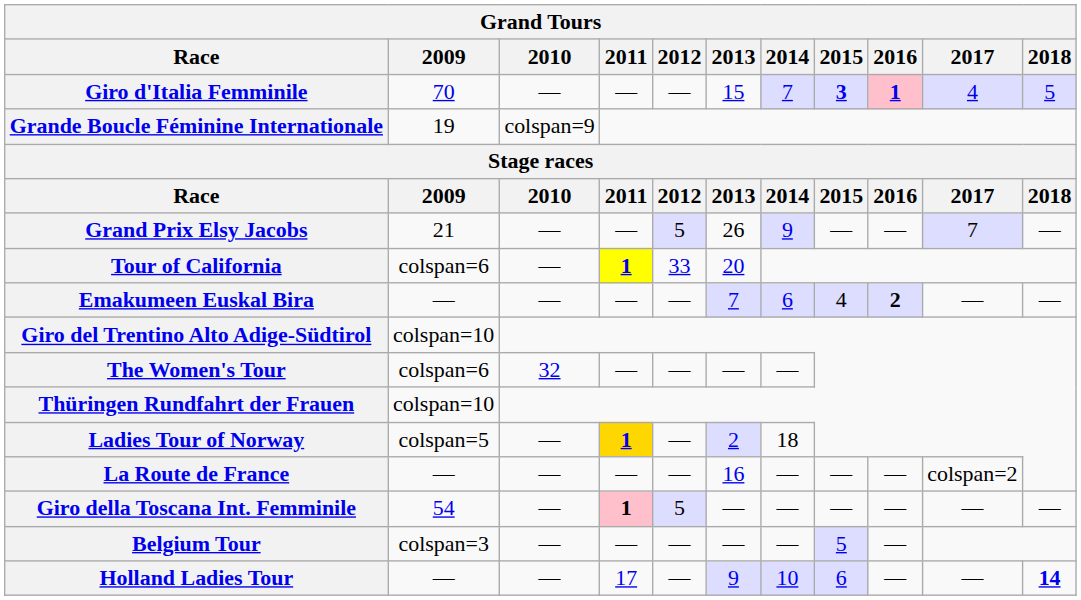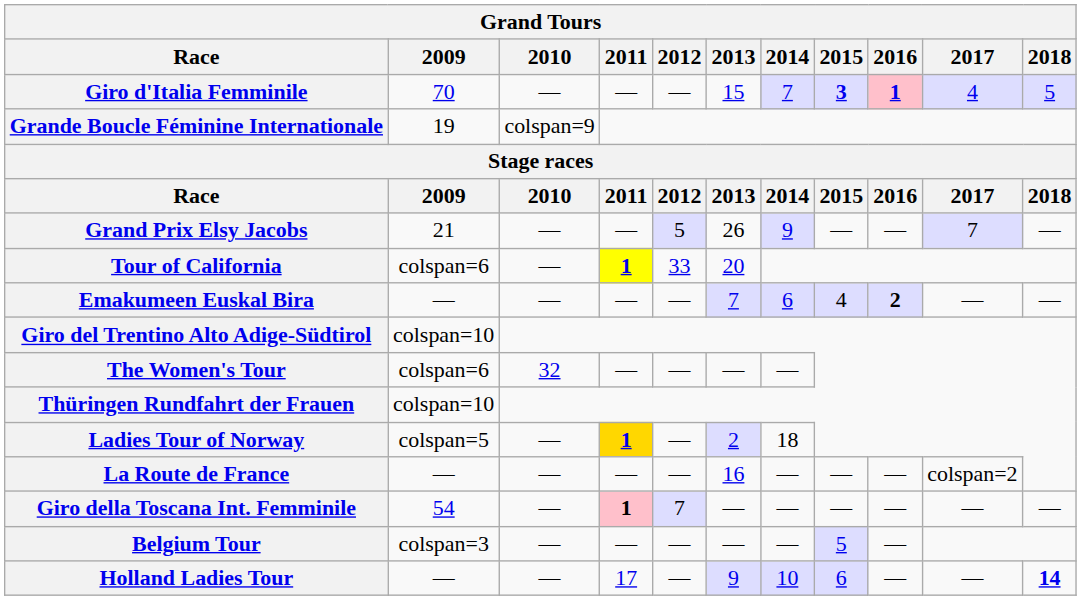 <table class="wikitable plainrowheaders">
 <tr>
 <th colspan=11>Grand Tours</th>
 </tr>
 <tr>
 <th scope="col">Race</th>
 <th scope="col">2009</th>
 <th scope="col">2010</th>
 <th scope="col">2011</th>
 <th scope="col">2012</th>
 <th scope="col">2013</th>
 <th scope="col">2014</th>
 <th scope="col">2015</th>
 <th scope="col">2016</th>
 <th scope="col">2017</th>
 <th scope="col">2018</th>
 </tr>
 <tr style="text-align:center;">
 <th scope="row"><a href='#'>Giro d'Italia Femminile</a></th>
 <td><a href='#'>70</a></td>
 <td>—</td>
 <td>—</td>
 <td>—</td>
 <td><a href='#'>15</a></td>
 <td style="background:#ddf;"><a href='#'>7</a></td>
 <td style="background:#ddf;"><strong><a href='#'>3</a></strong></td>
 <td style="background:pink;"><strong><a href='#'>1</a></strong></td>
 <td style="background:#ddf;"><a href='#'>4</a></td>
 <td style="background:#ddf;"><a href='#'>5</a></td>
 </tr>
 <tr style="text-align:center;">
 <th scope="row"><a href='#'>Grande Boucle Féminine Internationale</a></th>
 <td>19</td>
 <td>colspan=9 </td>
 </tr>
 <tr>
 <th colspan=11>Stage races</th>
 </tr>
 <tr>
 <th scope="col">Race</th>
 <th scope="col">2009</th>
 <th scope="col">2010</th>
 <th scope="col">2011</th>
 <th scope="col">2012</th>
 <th scope="col">2013</th>
 <th scope="col">2014</th>
 <th scope="col">2015</th>
 <th scope="col">2016</th>
 <th scope="col">2017</th>
 <th scope="col">2018</th>
 </tr>
 <tr style="text-align:center;">
 <th scope="row"><a href='#'>Grand Prix Elsy Jacobs</a></th>
 <td>21</td>
 <td>—</td>
 <td>—</td>
 <td style="background:#ddf;">5</td>
 <td>26</td>
 <td style="background:#ddf;"><a href='#'>9</a></td>
 <td>—</td>
 <td>—</td>
 <td style="background:#ddf;">7</td>
 <td>—</td>
 </tr>
 <tr style="text-align:center;">
 <th scope="row"><a href='#'>Tour of California</a></th>
 <td>colspan=6 </td>
 <td>—</td>
 <td style="background:yellow;"><a href='#'><strong>1</strong></a></td>
 <td><a href='#'>33</a></td>
 <td><a href='#'>20</a></td>
 </tr>
 <tr style="text-align:center;">
 <th scope="row"><a href='#'>Emakumeen Euskal Bira</a></th>
 <td>—</td>
 <td>—</td>
 <td>—</td>
 <td>—</td>
 <td style="background:#ddf;"><a href='#'>7</a></td>
 <td style="background:#ddf;"><a href='#'>6</a></td>
 <td style="background:#ddf;">4</td>
 <td style="background:#ddf;"><strong>2</strong></td>
 <td>—</td>
 <td>—</td>
 </tr>
 <tr style="text-align:center;">
 <th scope="row"><a href='#'>Giro del Trentino Alto Adige-Südtirol</a></th>
 <td>colspan=10 </td>
 </tr>
 <tr style="text-align:center;">
 <th scope="row"><a href='#'>The Women's Tour</a></th>
 <td>colspan=6 </td>
 <td><a href='#'>32</a></td>
 <td>—</td>
 <td>—</td>
 <td>—</td>
 <td>—</td>
 </tr>
 <tr style="text-align:center;">
 <th scope="row"><a href='#'>Thüringen Rundfahrt der Frauen</a></th>
 <td>colspan=10 </td>
 </tr>
 <tr style="text-align:center;">
 <th scope="row"><a href='#'>Ladies Tour of Norway</a></th>
 <td>colspan=5 </td>
 <td>—</td>
 <td style="background:gold;"><a href='#'><strong>1</strong></a></td>
 <td>—</td>
 <td style="background:#ddf;"><a href='#'>2</a></td>
 <td>18</td>
 </tr>
 <tr style="text-align:center;">
 <th scope="row"><a href='#'>La Route de France</a></th>
 <td>—</td>
 <td>—</td>
 <td>—</td>
 <td>—</td>
 <td><a href='#'>16</a></td>
 <td>—</td>
 <td>—</td>
 <td>—</td>
 <td>colspan=2 </td>
 </tr>
 <tr style="text-align:center;">
 <th scope="row"><a href='#'>Giro della Toscana Int. Femminile</a></th>
 <td><a href='#'>54</a></td>
 <td>—</td>
 <td style="background:pink;"><strong>1</strong></td>
-<td style="background:#ddf;">5</td>
+<td style="background:#ddf;">7</td>
 <td>—</td>
 <td>—</td>
 <td>—</td>
 <td>—</td>
 <td>—</td>
 <td>—</td>
 </tr>
 <tr style="text-align:center;">
 <th scope="row"><a href='#'>Belgium Tour</a></th>
 <td>colspan=3 </td>
 <td>—</td>
 <td>—</td>
 <td>—</td>
 <td>—</td>
 <td>—</td>
 <td style="background:#ddf;"><a href='#'>5</a></td>
 <td>—</td>
 </tr>
 <tr style="text-align:center;">
 <th scope="row"><a href='#'>Holland Ladies Tour</a></th>
 <td>—</td>
 <td>—</td>
 <td><a href='#'>17</a></td>
 <td>—</td>
 <td style="background:#ddf;"><a href='#'>9</a></td>
 <td style="background:#ddf;"><a href='#'>10</a></td>
 <td style="background:#ddf;"><a href='#'>6</a></td>
 <td>—</td>
 <td>—</td>
 <td><strong><a href='#'>14</a></strong></td>
 </tr>
 </table>
